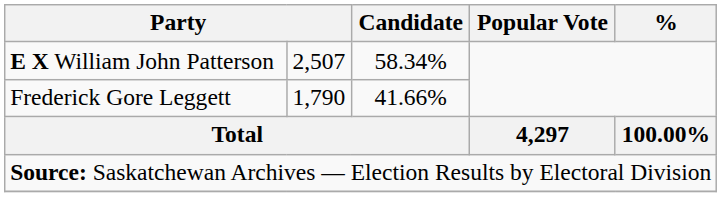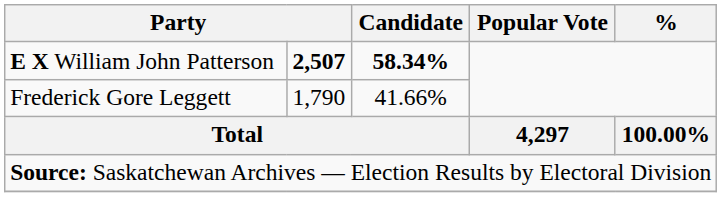 <table class="wikitable">
 <tr>
 <th colspan="2">Party</th>
 <th>Candidate</th>
 <th>Popular Vote</th>
 <th>%</th>
 </tr>
 <tr>
 <td><strong>E</strong> <strong>X</strong> William John Patterson</td>
-<td align=center>2,507</td>
-<td align=center>58.34%</td>
+<td align=center><strong>2,507</strong></td>
+<td align=center><strong>58.34%</strong></td>
 </tr>
 <tr>
 <td>Frederick Gore Leggett</td>
 <td align=center>1,790</td>
 <td align=center>41.66%</td>
 </tr>
 <tr>
 <th colspan=3>Total</th>
 <th>4,297</th>
 <th>100.00%</th>
 </tr>
 <tr>
 <td align="center" colspan=5><strong>Source:</strong> Saskatchewan Archives — Election Results by Electoral Division</td>
 </tr>
 <tr>
 </tr>
 </table>
